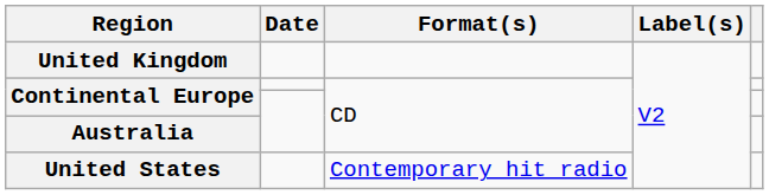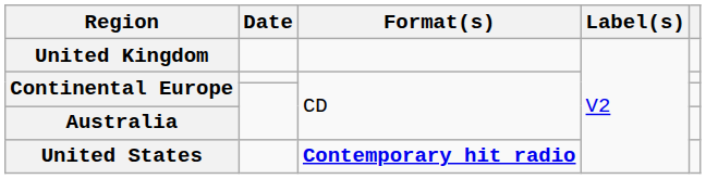 <table class="wikitable plainrowheaders">
 <tr>
 <th scope="col">Region</th>
 <th scope="col">Date</th>
 <th scope="col">Format(s)</th>
 <th scope="col">Label(s)</th>
 <th scope="col"></th>
 </tr>
 <tr>
 <th scope="row">United Kingdom</th>
 <td></td>
 <td></td>
 <td rowspan="5"><a href='#'>V2</a></td>
 <td align="center"></td>
 </tr>
 <tr>
 <th scope="row" rowspan="2">Continental Europe</th>
 <td></td>
 <td rowspan="3">CD</td>
 <td align="center"></td>
 </tr>
 <tr>
 <td rowspan="2"></td>
 <td align="center"></td>
 </tr>
 <tr>
 <th scope="row">Australia</th>
 <td align="center"></td>
 </tr>
 <tr>
 <th scope="row">United States</th>
 <td></td>
-<td><a href='#'>Contemporary hit radio</a></td>
+<td><strong><a href='#'>Contemporary hit radio</a></strong></td>
 <td align="center"></td>
 </tr>
 </table>
